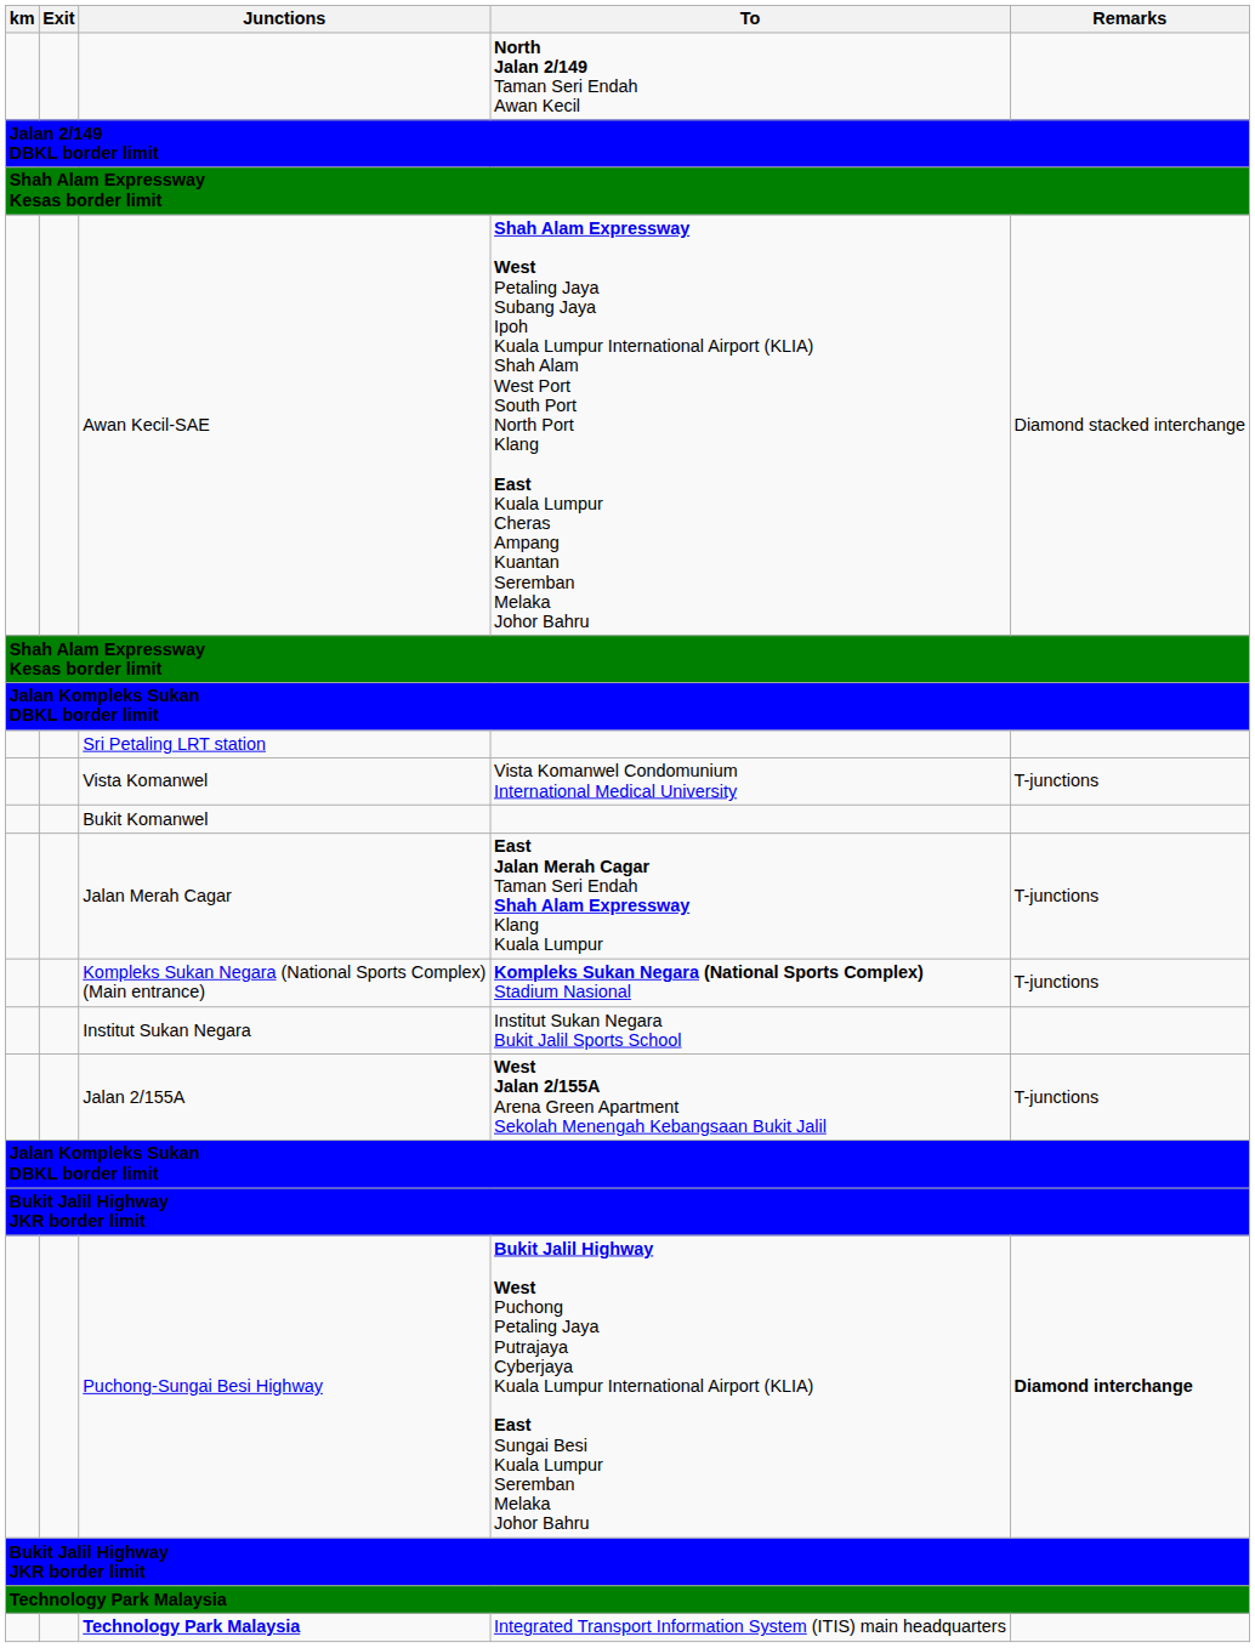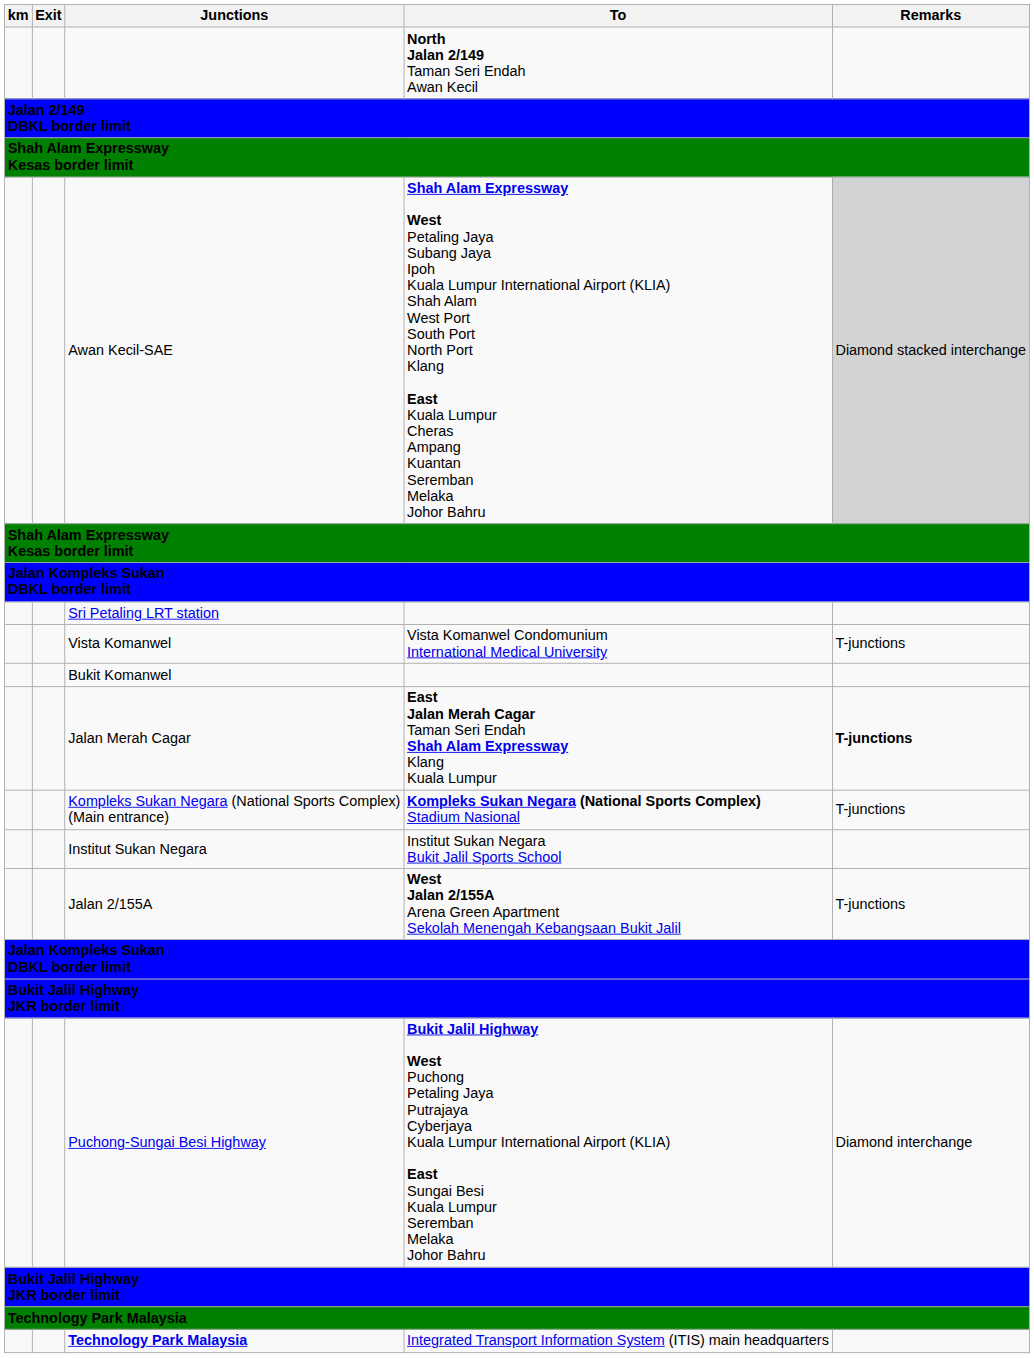 <table class="wikitable">
 <tr>
 <th>km</th>
 <th>Exit</th>
 <th>Junctions</th>
 <th>To</th>
 <th>Remarks</th>
 </tr>
 <tr>
 <td></td>
 <td></td>
 <td></td>
 <td><strong>North</strong><br><strong>Jalan 2/149</strong><br>Taman Seri Endah<br>Awan Kecil</td>
 <td></td>
 </tr>
 <tr>
 <td style="width:600px" colspan="6" style="text-align:center" bgcolor="blue"><strong><span>Jalan 2/149<br>DBKL border limit</span></strong></td>
 </tr>
 <tr>
 <td style="width:600px" colspan="6" style="text-align:center" bgcolor="green"><strong><span> Shah Alam Expressway<br>Kesas border limit</span></strong></td>
 </tr>
 <tr>
 <td></td>
 <td></td>
 <td>Awan Kecil-SAE</td>
 <td> <strong><a href='#'>Shah Alam Expressway</a></strong><br><br><strong>West</strong><br>Petaling Jaya<br>Subang Jaya<br>Ipoh<br>Kuala Lumpur International Airport (KLIA)<br>Shah Alam<br>West Port<br>South Port<br>North Port<br>Klang<br><br><strong>East</strong><br>Kuala Lumpur<br>Cheras<br>Ampang<br>Kuantan<br>Seremban<br>Melaka<br>Johor Bahru</td>
-<td>Diamond stacked interchange</td>
+<td style="background: lightgrey;">Diamond stacked interchange</td>
 </tr>
 <tr>
 <td style="width:600px" colspan="6" style="text-align:center" bgcolor="green"><strong><span> Shah Alam Expressway<br>Kesas border limit</span></strong></td>
 </tr>
 <tr>
 <td style="width:600px" colspan="6" style="text-align:center" bgcolor="blue"><strong><span>Jalan Kompleks Sukan<br>DBKL border limit</span></strong></td>
 </tr>
 <tr>
 <td></td>
 <td></td>
 <td><a href='#'>Sri Petaling LRT station</a></td>
 <td></td>
 <td></td>
 </tr>
 <tr>
 <td></td>
 <td></td>
 <td>Vista Komanwel</td>
 <td>Vista Komanwel Condomunium<br><a href='#'>International Medical University</a></td>
 <td>T-junctions</td>
 </tr>
 <tr>
 <td></td>
 <td></td>
 <td>Bukit Komanwel</td>
 <td> </td>
 <td></td>
 </tr>
 <tr>
 <td></td>
 <td></td>
 <td>Jalan Merah Cagar</td>
 <td><strong>East</strong><br><strong>Jalan Merah Cagar</strong><br>Taman Seri Endah<br> <strong><a href='#'>Shah Alam Expressway</a></strong><br>Klang<br>Kuala Lumpur</td>
-<td>T-junctions</td>
+<td><strong>T-junctions</strong></td>
 </tr>
 <tr>
 <td></td>
 <td></td>
 <td><a href='#'>Kompleks Sukan Negara</a> (National Sports Complex)<br>(Main entrance)</td>
 <td><strong><a href='#'>Kompleks Sukan Negara</a> (National Sports Complex)</strong><br><a href='#'>Stadium Nasional</a><br></td>
 <td>T-junctions</td>
 </tr>
 <tr>
 <td></td>
 <td></td>
 <td>Institut Sukan Negara</td>
 <td>Institut Sukan Negara<br><a href='#'>Bukit Jalil Sports School</a></td>
 <td></td>
 </tr>
 <tr>
 <td></td>
 <td></td>
 <td>Jalan 2/155A</td>
 <td><strong>West</strong><br><strong>Jalan 2/155A</strong><br>Arena Green Apartment<br><a href='#'>Sekolah Menengah Kebangsaan Bukit Jalil</a></td>
 <td>T-junctions</td>
 </tr>
 <tr>
 <td style="width:600px" colspan="6" style="text-align:center" bgcolor="blue"><strong><span>Jalan Kompleks Sukan<br>DBKL border limit</span></strong></td>
 </tr>
 <tr>
 <td style="width:600px" colspan="6" style="text-align:center" bgcolor="blue"><strong><span> Bukit Jalil Highway<br>JKR border limit</span></strong></td>
 </tr>
 <tr>
 <td></td>
 <td></td>
 <td><a href='#'>Puchong-Sungai Besi Highway</a></td>
 <td> <strong><a href='#'>Bukit Jalil Highway</a></strong><br><br><strong>West</strong><br>Puchong<br>Petaling Jaya<br>Putrajaya<br>Cyberjaya<br>Kuala Lumpur International Airport (KLIA)<br><br><strong>East</strong><br>Sungai Besi<br>Kuala Lumpur<br>Seremban<br>Melaka<br>Johor Bahru</td>
-<td><strong>Diamond interchange</strong></td>
+<td>Diamond interchange</td>
 </tr>
 <tr>
 <td style="width:600px" colspan="6" style="text-align:center" bgcolor="blue"><strong><span> Bukit Jalil Highway<br>JKR border limit</span></strong></td>
 </tr>
 <tr>
 <td style="width:600px" colspan="6" style="text-align:center" bgcolor="green"><strong><span>Technology Park Malaysia</span></strong></td>
 </tr>
 <tr>
 <td></td>
 <td></td>
 <td><strong><a href='#'>Technology Park Malaysia</a></strong></td>
 <td><a href='#'>Integrated Transport Information System</a> (ITIS) main headquarters</td>
 <td></td>
 </tr>
 </table>
